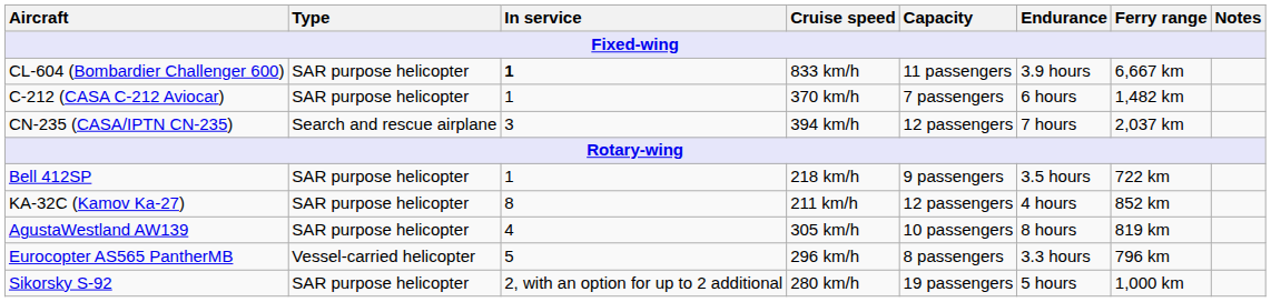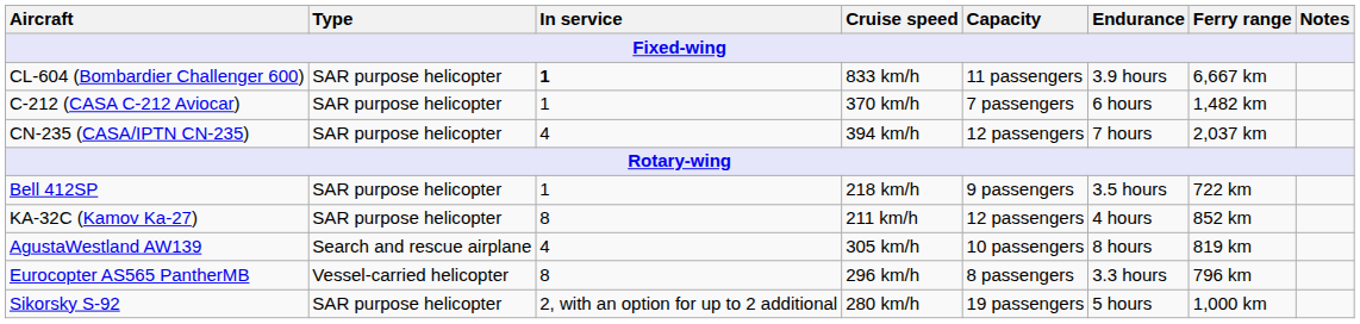 <table class="wikitable">
 <tr>
 <th style="text-align:left;">Aircraft</th>
 <th style="text-align:left;">Type</th>
 <th style="text-align:left;">In service</th>
 <th style="text-align:left;">Cruise speed</th>
 <th style="text-align:left;">Capacity</th>
 <th style="text-align:left;">Endurance</th>
 <th style="text-align:left;">Ferry range</th>
 <th style="text-align:left;">Notes</th>
 </tr>
 <tr>
 <th style="align: center; background: lavender;" colspan="8"><strong><a href='#'>Fixed-wing</a></strong></th>
 </tr>
 <tr>
 <td>CL-604 (<a href='#'>Bombardier Challenger 600</a>)</td>
 <td>SAR purpose helicopter</td>
 <td><strong>1</strong></td>
 <td>833 km/h</td>
 <td>11 passengers</td>
 <td>3.9 hours</td>
 <td>6,667 km</td>
 <td></td>
 </tr>
 <tr>
 <td>C-212 (<a href='#'>CASA C-212 Aviocar</a>)</td>
 <td>SAR purpose helicopter</td>
 <td>1</td>
 <td>370 km/h</td>
 <td>7 passengers</td>
 <td>6 hours</td>
 <td>1,482 km</td>
 <td></td>
 </tr>
 <tr>
 <td>CN-235 (<a href='#'>CASA/IPTN CN-235</a>)</td>
-<td>Search and rescue airplane</td>
-<td>3</td>
+<td>SAR purpose helicopter</td>
+<td>4</td>
 <td>394 km/h</td>
 <td>12 passengers</td>
 <td>7 hours</td>
 <td>2,037 km</td>
 <td></td>
 </tr>
 <tr>
 <th style="align: center; background: lavender;" colspan="8"><strong><a href='#'>Rotary-wing</a></strong></th>
 </tr>
 <tr>
 <td><a href='#'>Bell 412SP</a></td>
 <td>SAR purpose helicopter</td>
 <td>1</td>
 <td>218 km/h</td>
 <td>9 passengers</td>
 <td>3.5 hours</td>
 <td>722 km</td>
 <td></td>
 </tr>
 <tr>
 <td>KA-32C (<a href='#'>Kamov Ka-27</a>)</td>
 <td>SAR purpose helicopter</td>
 <td>8</td>
 <td>211 km/h</td>
 <td>12 passengers</td>
 <td>4 hours</td>
 <td>852 km</td>
 <td></td>
 </tr>
 <tr>
 <td><a href='#'>AgustaWestland AW139</a></td>
-<td>SAR purpose helicopter</td>
+<td>Search and rescue airplane</td>
 <td>4</td>
 <td>305 km/h</td>
 <td>10 passengers</td>
 <td>8 hours</td>
 <td>819 km</td>
 <td></td>
 </tr>
 <tr>
 <td><a href='#'>Eurocopter AS565 PantherMB</a></td>
 <td>Vessel-carried helicopter</td>
-<td>5</td>
+<td>8</td>
 <td>296 km/h</td>
 <td>8 passengers</td>
 <td>3.3 hours</td>
 <td>796 km</td>
 <td></td>
 </tr>
 <tr>
 <td><a href='#'>Sikorsky S-92</a></td>
 <td>SAR purpose helicopter</td>
 <td>2, with an option for up to 2 additional</td>
 <td>280 km/h</td>
 <td>19 passengers</td>
 <td>5 hours</td>
 <td>1,000 km</td>
 <td></td>
 </tr>
 </table>
